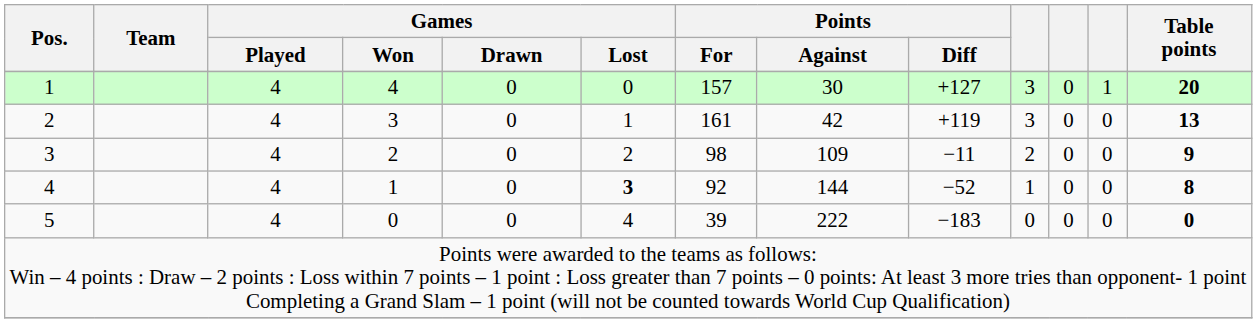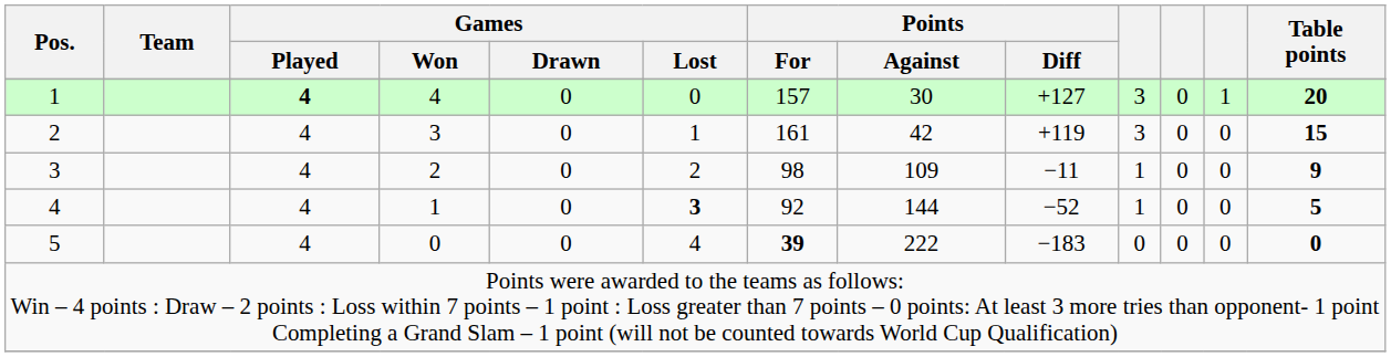 <table class="wikitable" style="text-align:center">
 <tr>
 <th rowspan="2">Pos.</th>
 <th rowspan="2">Team</th>
 <th colspan="4">Games</th>
 <th colspan="3">Points</th>
 <th rowspan="2"></th>
 <th rowspan="2"></th>
 <th rowspan="2"></th>
 <th rowspan="2">Table<br>points</th>
 </tr>
 <tr>
 <th>Played</th>
 <th>Won</th>
 <th>Drawn</th>
 <th>Lost</th>
 <th>For</th>
 <th>Against</th>
 <th>Diff</th>
 </tr>
 <tr>
 </tr>
 <tr align=center bgcolor=ccffcc>
 <td>1</td>
 <td align=left></td>
-<td>4</td>
+<td><strong>4</strong></td>
 <td>4</td>
 <td>0</td>
 <td>0</td>
 <td>157</td>
 <td>30</td>
 <td>+127</td>
 <td>3</td>
 <td>0</td>
 <td>1</td>
 <td><strong>20</strong></td>
 </tr>
 <tr align=center>
 <td>2</td>
 <td align=left></td>
 <td>4</td>
 <td>3</td>
 <td>0</td>
 <td>1</td>
 <td>161</td>
 <td>42</td>
 <td>+119</td>
 <td>3</td>
 <td>0</td>
 <td>0</td>
-<td><strong>13</strong></td>
+<td><strong>15</strong></td>
 </tr>
 <tr align=center>
 <td>3</td>
 <td align=left></td>
 <td>4</td>
 <td>2</td>
 <td>0</td>
 <td>2</td>
 <td>98</td>
 <td>109</td>
 <td>−11</td>
-<td>2</td>
+<td>1</td>
 <td>0</td>
 <td>0</td>
 <td><strong>9</strong></td>
 </tr>
 <tr align=center>
 <td>4</td>
 <td align=left></td>
 <td>4</td>
 <td>1</td>
 <td>0</td>
 <td><strong>3</strong></td>
 <td>92</td>
 <td>144</td>
 <td>−52</td>
 <td>1</td>
 <td>0</td>
 <td>0</td>
-<td><strong>8</strong></td>
+<td><strong>5</strong></td>
 </tr>
 <tr align=center>
 <td>5</td>
 <td align=left></td>
 <td>4</td>
 <td>0</td>
 <td>0</td>
 <td>4</td>
-<td>39</td>
+<td><strong>39</strong></td>
 <td>222</td>
 <td>−183</td>
 <td>0</td>
 <td>0</td>
 <td>0</td>
 <td><strong>0</strong></td>
 </tr>
 <tr>
 <td colspan="100%" style="text-align:center;">Points were awarded to the teams as follows:<br>Win – 4 points : Draw – 2 points  : Loss within 7 points – 1 point : Loss greater than 7 points – 0 points: At least 3 more tries than opponent- 1 point<br>Completing a Grand Slam – 1 point (will not be counted towards World Cup Qualification)</td>
 </tr>
 <tr>
 </tr>
 </table>
